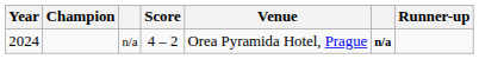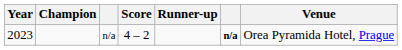 <table class="wikitable sortable">
 <tr>
 <th>Year</th>
 <th>Champion</th>
 <th></th>
 <th>Score</th>
+<th>Runner-up</th>
+<th></th>
 <th>Venue</th>
-<th></th>
-<th>Runner-up</th>
 </tr>
 <tr>
-<td>2024</td>
+<td>2023</td>
 <td></td>
 <td align=center><small><span>n/a</span></small></td>
 <td align=center>4 – 2</td>
+<td></td>
+<td align=center><strong><small><span>n/a</span></small></strong></td>
 <td>Orea Pyramida Hotel, <a href='#'>Prague</a></td>
-<td align=center><strong><small><span>n/a</span></small></strong></td>
-<td></td>
 </tr>
 </table>
